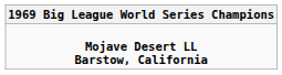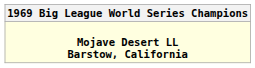 <table class="wikitable" style="text-align: center; margin: 0 auto;">
 <tr>
 <th>1969 Big League World Series Champions</th>
 </tr>
 <tr>
-<td><br><strong>Mojave Desert LL</strong><br><strong>Barstow, California</strong></td>
+<td style="background: lightyellow;"><br><strong>Mojave Desert LL</strong><br><strong>Barstow, California</strong></td>
 </tr>
 </table>
